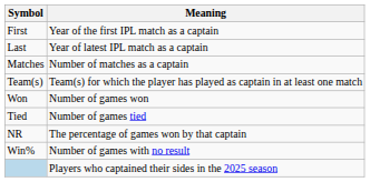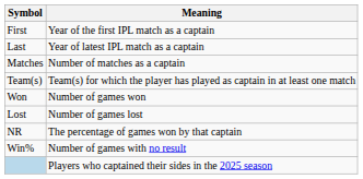 <table class="wikitable">
 <tr>
 <th>Symbol</th>
 <th>Meaning</th>
 </tr>
 <tr>
 <td>First</td>
 <td>Year of the first IPL match as a captain</td>
 </tr>
 <tr>
 <td>Last</td>
 <td>Year of latest IPL match as a captain</td>
 </tr>
 <tr>
 <td>Matches</td>
 <td>Number of matches as a captain</td>
 </tr>
 <tr>
 <td>Team(s)</td>
 <td>Team(s) for which the player has played as captain in at least one match</td>
 </tr>
 <tr>
 <td>Won</td>
 <td>Number of games won</td>
 </tr>
 <tr>
-<td>Tied</td>
-<td>Number of games <a href='#'>tied</a></td>
+<td>Lost</td>
+<td>Number of games lost</td>
 </tr>
 <tr>
 <td>NR</td>
 <td>The percentage of games won by that captain</td>
 </tr>
 <tr>
 <td>Win%</td>
 <td>Number of games with <a href='#'>no result</a></td>
 </tr>
 <tr>
 <td scope=row style="background:#B9D9EB;"></td>
 <td>Players who captained their sides in the <a href='#'>2025 season</a></td>
 </tr>
 </table>
